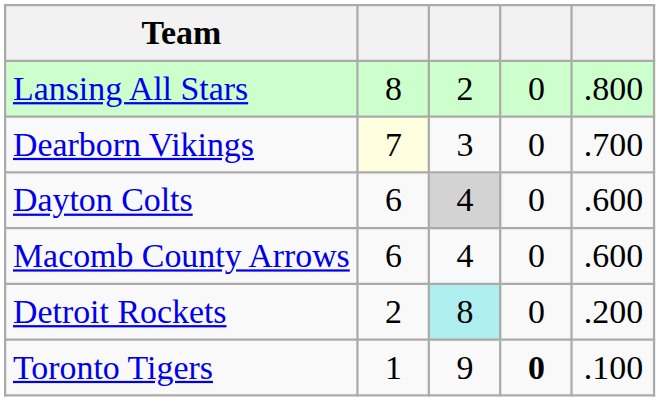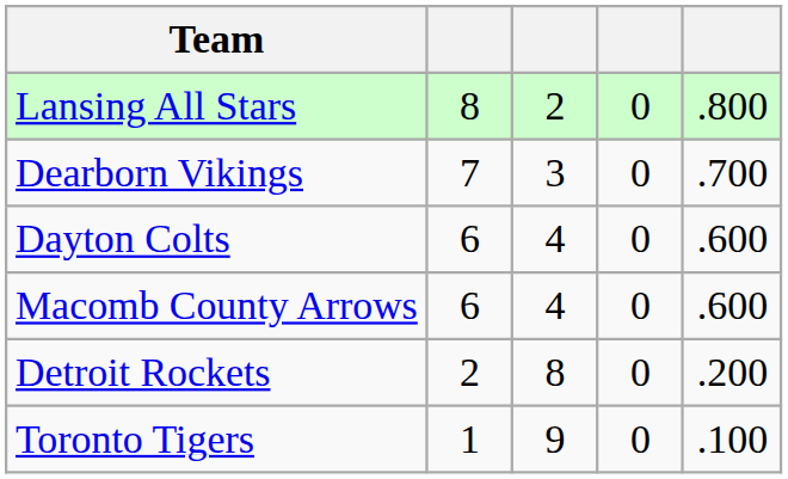 <table class="wikitable" style="font-size:95%; text-align:center">
 <tr>
 <th>Team</th>
 <th width="25"></th>
 <th width="25"></th>
 <th width="25"></th>
 <th width="30"></th>
 </tr>
 <tr style="background:#cfc;">
 <td style="text-align:left;"><a href='#'>Lansing All Stars</a></td>
 <td>8</td>
 <td>2</td>
 <td>0</td>
 <td>.800</td>
 </tr>
 <tr>
 <td style="text-align:left;"><a href='#'>Dearborn Vikings</a></td>
-<td style="background: lightyellow;">7</td>
+<td>7</td>
 <td>3</td>
 <td>0</td>
 <td>.700</td>
 </tr>
 <tr>
 <td style="text-align:left;"><a href='#'>Dayton Colts</a></td>
 <td>6</td>
-<td style="background: lightgrey;">4</td>
+<td>4</td>
 <td>0</td>
 <td>.600</td>
 </tr>
 <tr>
 <td style="text-align:left;"><a href='#'>Macomb County Arrows</a></td>
 <td>6</td>
 <td>4</td>
 <td>0</td>
 <td>.600</td>
 </tr>
 <tr>
 <td style="text-align:left;"><a href='#'>Detroit Rockets</a></td>
 <td>2</td>
-<td style="background: paleturquoise;">8</td>
+<td>8</td>
 <td>0</td>
 <td>.200</td>
 </tr>
 <tr>
 <td style="text-align:left;"><a href='#'>Toronto Tigers</a></td>
 <td>1</td>
 <td>9</td>
-<td><strong>0</strong></td>
+<td>0</td>
 <td>.100</td>
 </tr>
 </table>
